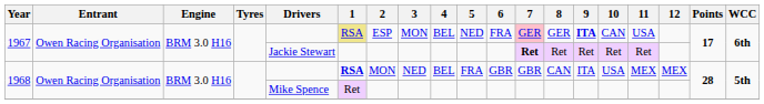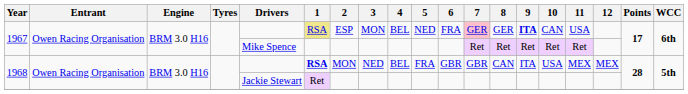 <table class="wikitable" style="text-align:center; font-size:95%">
 <tr>
 <th>Year</th>
 <th>Entrant</th>
 <th>Engine</th>
 <th>Tyres</th>
 <th>Drivers</th>
 <th>1</th>
 <th>2</th>
 <th>3</th>
 <th>4</th>
 <th>5</th>
 <th>6</th>
 <th>7</th>
 <th>8</th>
 <th>9</th>
 <th>10</th>
 <th>11</th>
 <th>12</th>
 <th>Points</th>
 <th>WCC</th>
 </tr>
 <tr>
 <td rowspan="2"><a href='#'>1967</a></td>
 <td rowspan="2"><a href='#'>Owen Racing Organisation</a></td>
 <td rowspan="2"><a href='#'>BRM</a> 3.0 <a href='#'>H16</a></td>
 <td rowspan="2"></td>
 <td></td>
 <td style="background: khaki;"><a href='#'>RSA</a></td>
 <td><a href='#'>ESP</a></td>
 <td><a href='#'>MON</a></td>
 <td><a href='#'>BEL</a></td>
 <td><a href='#'>NED</a></td>
 <td><a href='#'>FRA</a></td>
 <td style="background: pink;"><a href='#'>GER</a></td>
 <td><a href='#'>GER</a></td>
 <td><strong><a href='#'>ITA</a></strong></td>
 <td><a href='#'>CAN</a></td>
 <td><a href='#'>USA</a></td>
 <td></td>
 <td rowspan="2"><strong>17</strong></td>
 <td rowspan="2"><strong>6th</strong></td>
 </tr>
 <tr>
-<td align="left"><a href='#'>Jackie Stewart</a></td>
+<td align="left"><a href='#'>Mike Spence</a></td>
 <td></td>
 <td></td>
 <td></td>
 <td></td>
 <td></td>
 <td></td>
-<td style="background:#EFCFFF;"><strong>Ret</strong></td>
+<td style="background:#EFCFFF;">Ret</td>
 <td style="background:#EFCFFF;">Ret</td>
 <td style="background:#EFCFFF;">Ret</td>
 <td style="background:#EFCFFF;">Ret</td>
 <td style="background:#EFCFFF;">Ret</td>
 <td></td>
 </tr>
 <tr>
 <td rowspan="2"><a href='#'>1968</a></td>
 <td rowspan="2"><a href='#'>Owen Racing Organisation</a></td>
 <td rowspan="2"><a href='#'>BRM</a> 3.0 <a href='#'>H16</a></td>
 <td rowspan="2"></td>
 <td></td>
 <td><strong><a href='#'>RSA</a></strong></td>
 <td><a href='#'>MON</a></td>
 <td><a href='#'>NED</a></td>
 <td><a href='#'>BEL</a></td>
 <td><a href='#'>FRA</a></td>
 <td><a href='#'>GBR</a></td>
 <td><a href='#'>GBR</a></td>
 <td><a href='#'>CAN</a></td>
 <td><a href='#'>ITA</a></td>
 <td><a href='#'>USA</a></td>
 <td><a href='#'>MEX</a></td>
 <td><a href='#'>MEX</a></td>
 <td rowspan="2"><strong>28</strong></td>
 <td rowspan="2"><strong>5th</strong></td>
 </tr>
 <tr>
-<td align="left"><a href='#'>Mike Spence</a></td>
+<td align="left"><a href='#'>Jackie Stewart</a></td>
 <td style="background:#EFCFFF;">Ret</td>
 <td></td>
 <td></td>
 <td></td>
 <td></td>
 <td></td>
 <td></td>
 <td></td>
 <td></td>
 <td></td>
 <td></td>
 <td></td>
 </tr>
 <tr>
 </tr>
 </table>
